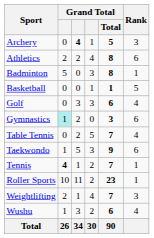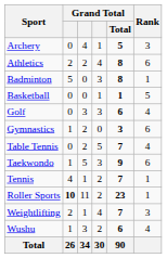 <table class="wikitable" style="font-size: 95%">
 <tr>
 <th rowspan=2>Sport</th>
 <th colspan=4>Grand Total</th>
 <th rowspan=2>Rank</th>
 </tr>
 <tr>
 <th></th>
 <th></th>
 <th></th>
 <th>Total</th>
 </tr>
 <tr align=center>
 <td align=left><a href='#'>Archery</a></td>
 <td>0</td>
-<td><strong>4</strong></td>
+<td>4</td>
 <td>1</td>
 <td><strong>5</strong></td>
 <td>3</td>
 </tr>
 <tr align=center>
 <td align=left><a href='#'>Athletics</a></td>
 <td>2</td>
 <td>2</td>
 <td>4</td>
 <td><strong>8</strong></td>
 <td>6</td>
 </tr>
 <tr align=center>
 <td align=left><a href='#'>Badminton</a></td>
 <td>5</td>
 <td>0</td>
 <td>3</td>
 <td><strong>8</strong></td>
 <td>1</td>
 </tr>
 <tr align=center>
 <td align=left><a href='#'>Basketball</a></td>
 <td>0</td>
 <td>0</td>
 <td>1</td>
 <td><strong>1</strong></td>
 <td>5</td>
 </tr>
 <tr align=center>
 <td align=left><a href='#'>Golf</a></td>
 <td>0</td>
 <td>3</td>
 <td>3</td>
 <td><strong>6</strong></td>
 <td>4</td>
 </tr>
 <tr align=center>
 <td align=left><a href='#'>Gymnastics</a></td>
-<td style="background: paleturquoise;">1</td>
+<td>1</td>
 <td>2</td>
 <td>0</td>
 <td><strong>3</strong></td>
 <td>6</td>
 </tr>
 <tr align=center>
 <td align=left><a href='#'>Table Tennis</a></td>
 <td>0</td>
 <td>2</td>
 <td>5</td>
 <td><strong>7</strong></td>
 <td>4</td>
 </tr>
 <tr align=center>
 <td align=left><a href='#'>Taekwondo</a></td>
 <td>1</td>
 <td>5</td>
 <td>3</td>
 <td><strong>9</strong></td>
 <td>6</td>
 </tr>
 <tr align=center>
 <td align=left><a href='#'>Tennis</a></td>
-<td><strong>4</strong></td>
+<td>4</td>
 <td>1</td>
 <td>2</td>
 <td><strong>7</strong></td>
 <td>1</td>
 </tr>
 <tr align=center>
 <td align=left><a href='#'>Roller Sports</a></td>
-<td>10</td>
+<td><strong>10</strong></td>
 <td>11</td>
 <td>2</td>
 <td><strong>23</strong></td>
 <td>1</td>
 </tr>
 <tr align=center>
 <td align=left><a href='#'>Weightlifting</a></td>
 <td>2</td>
 <td>1</td>
 <td>4</td>
 <td><strong>7</strong></td>
 <td>3</td>
 </tr>
 <tr align=center>
 <td align=left><a href='#'>Wushu</a></td>
 <td>1</td>
 <td>3</td>
 <td>2</td>
 <td><strong>6</strong></td>
 <td>4</td>
 </tr>
 <tr align=center>
 <th>Total</th>
 <th>26</th>
 <th>34</th>
 <th>30</th>
 <th>90</th>
 <th></th>
 </tr>
 </table>
